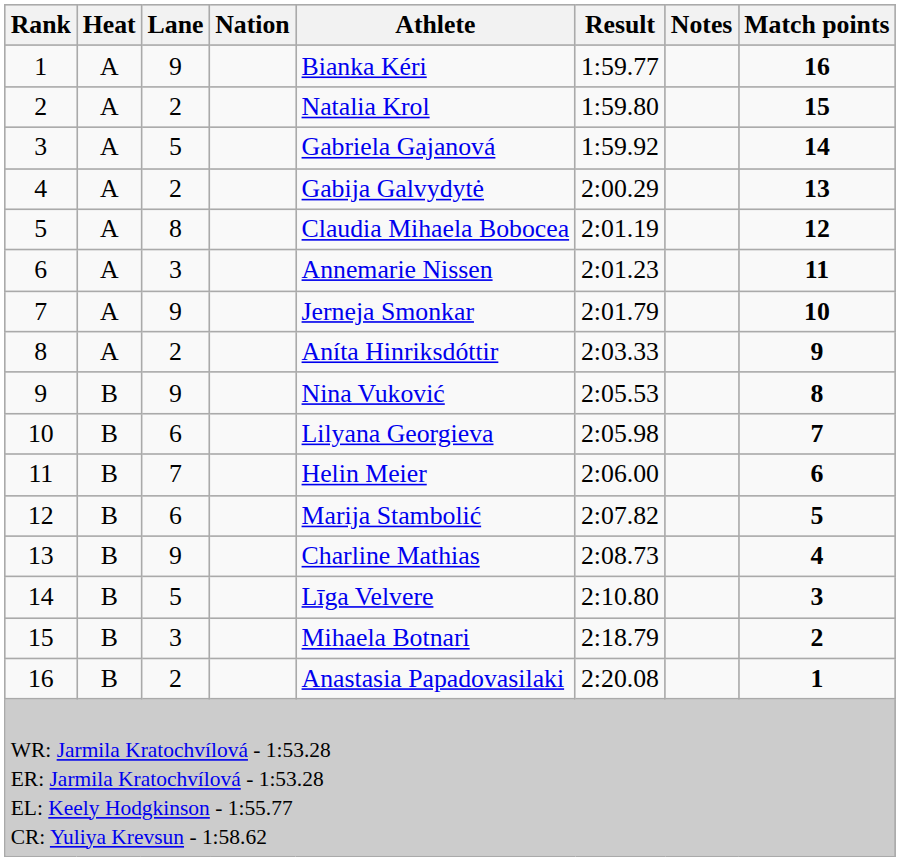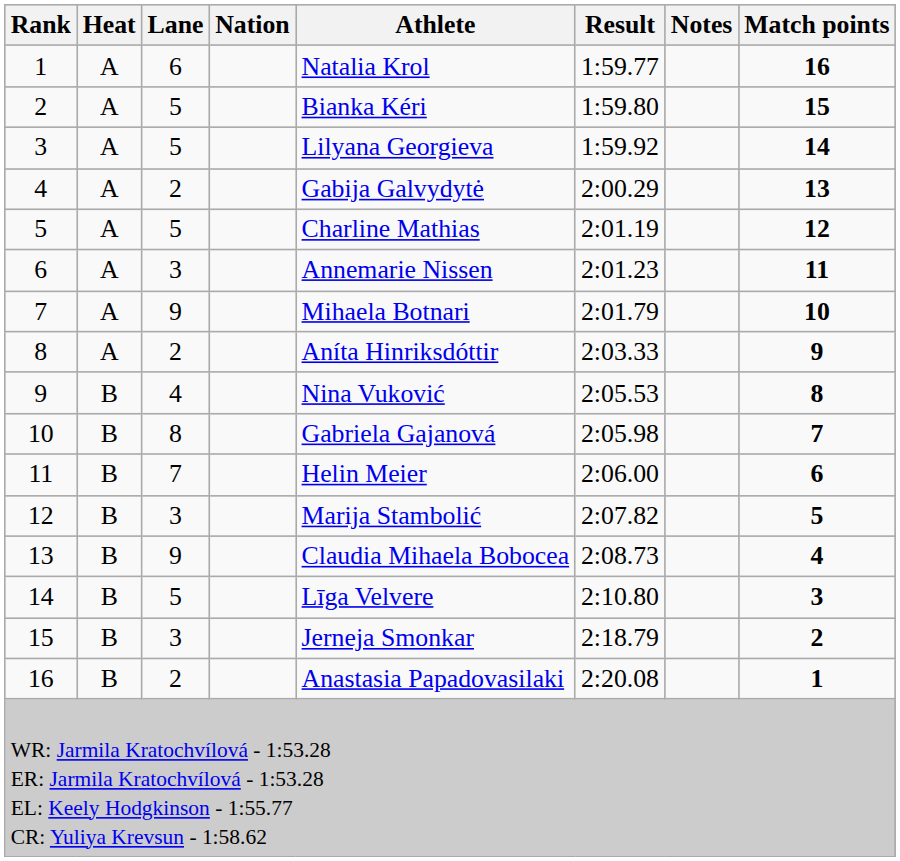 <table class="wikitable sortable" style="text-align:left;">
 <tr>
 <th>Rank</th>
 <th>Heat</th>
 <th>Lane</th>
 <th>Nation</th>
 <th>Athlete</th>
 <th>Result</th>
 <th>Notes</th>
 <th>Match points</th>
 </tr>
 <tr>
 <td align=center>1</td>
 <td align=center>A</td>
-<td align=center>9</td>
+<td align=center>6</td>
 <td></td>
-<td><a href='#'>Bianka Kéri</a></td>
+<td><a href='#'>Natalia Krol</a></td>
 <td align=center>1:59.77</td>
 <td align=center></td>
 <td align=center><strong>16</strong></td>
 </tr>
 <tr>
 <td align=center>2</td>
 <td align=center>A</td>
-<td align=center>2</td>
+<td align=center>5</td>
 <td></td>
-<td><a href='#'>Natalia Krol</a></td>
+<td><a href='#'>Bianka Kéri</a></td>
 <td align=center>1:59.80</td>
 <td align=center></td>
 <td align=center><strong>15</strong></td>
 </tr>
 <tr>
 <td align=center>3</td>
 <td align=center>A</td>
 <td align=center>5</td>
 <td></td>
-<td><a href='#'>Gabriela Gajanová</a></td>
+<td><a href='#'>Lilyana Georgieva</a></td>
 <td align=center>1:59.92</td>
 <td></td>
 <td align=center><strong>14</strong></td>
 </tr>
 <tr>
 <td align=center>4</td>
 <td align=center>A</td>
 <td align=center>2</td>
 <td></td>
 <td><a href='#'>Gabija Galvydytė</a></td>
 <td align=center>2:00.29</td>
 <td align=center></td>
 <td align=center><strong>13</strong></td>
 </tr>
 <tr>
 <td align=center>5</td>
 <td align=center>A</td>
-<td align=center>8</td>
+<td align=center>5</td>
 <td></td>
-<td><a href='#'>Claudia Mihaela Bobocea</a></td>
+<td><a href='#'>Charline Mathias</a></td>
 <td align=center>2:01.19</td>
 <td align=center></td>
 <td align=center><strong>12</strong></td>
 </tr>
 <tr>
 <td align=center>6</td>
 <td align=center>A</td>
 <td align=center>3</td>
 <td></td>
 <td><a href='#'>Annemarie Nissen</a></td>
 <td align=center>2:01.23</td>
 <td align=center></td>
 <td align=center><strong>11</strong></td>
 </tr>
 <tr>
 <td align=center>7</td>
 <td align=center>A</td>
 <td align=center>9</td>
 <td></td>
-<td><a href='#'>Jerneja Smonkar</a></td>
+<td><a href='#'>Mihaela Botnari</a></td>
 <td align=center>2:01.79</td>
 <td align=center></td>
 <td align=center><strong>10</strong></td>
 </tr>
 <tr>
 <td align=center>8</td>
 <td align=center>A</td>
 <td align=center>2</td>
 <td></td>
 <td><a href='#'>Aníta Hinriksdóttir</a></td>
 <td align=center>2:03.33</td>
 <td align=center></td>
 <td align=center><strong>9</strong></td>
 </tr>
 <tr>
 <td align=center>9</td>
 <td align=center>B</td>
-<td align=center>9</td>
+<td align=center>4</td>
 <td></td>
 <td><a href='#'>Nina Vuković</a></td>
 <td align=center>2:05.53</td>
 <td></td>
 <td align=center><strong>8</strong></td>
 </tr>
 <tr>
 <td align=center>10</td>
 <td align=center>B</td>
-<td align=center>6</td>
+<td align=center>8</td>
 <td></td>
-<td><a href='#'>Lilyana Georgieva</a></td>
+<td><a href='#'>Gabriela Gajanová</a></td>
 <td align=center>2:05.98</td>
 <td align=center></td>
 <td align=center><strong>7</strong></td>
 </tr>
 <tr>
 <td align=center>11</td>
 <td align=center>B</td>
 <td align=center>7</td>
 <td></td>
 <td><a href='#'>Helin Meier</a></td>
 <td align=center>2:06.00</td>
 <td align=center></td>
 <td align=center><strong>6</strong></td>
 </tr>
 <tr>
 <td align=center>12</td>
 <td align=center>B</td>
-<td align=center>6</td>
+<td align=center>3</td>
 <td></td>
 <td><a href='#'>Marija Stambolić</a></td>
 <td align=center>2:07.82</td>
 <td align=center></td>
 <td align=center><strong>5</strong></td>
 </tr>
 <tr>
 <td align=center>13</td>
 <td align=center>B</td>
 <td align=center>9</td>
 <td></td>
-<td><a href='#'>Charline Mathias</a></td>
+<td><a href='#'>Claudia Mihaela Bobocea</a></td>
 <td align=center>2:08.73</td>
 <td align=center></td>
 <td align=center><strong>4</strong></td>
 </tr>
 <tr>
 <td align=center>14</td>
 <td align=center>B</td>
 <td align=center>5</td>
 <td></td>
 <td><a href='#'>Līga Velvere</a></td>
 <td align=center>2:10.80</td>
 <td></td>
 <td align=center><strong>3</strong></td>
 </tr>
 <tr>
 <td align=center>15</td>
 <td align=center>B</td>
 <td align=center>3</td>
 <td></td>
-<td><a href='#'>Mihaela Botnari</a></td>
+<td><a href='#'>Jerneja Smonkar</a></td>
 <td align=center>2:18.79</td>
 <td align=center></td>
 <td align=center><strong>2</strong></td>
 </tr>
 <tr>
 <td align=center>16</td>
 <td align=center>B</td>
 <td align=center>2</td>
 <td></td>
 <td><a href='#'>Anastasia Papadovasilaki</a></td>
 <td align=center>2:20.08</td>
 <td></td>
 <td align=center><strong>1</strong></td>
 </tr>
 <tr>
 <td colspan="8" bgcolor="#cccccc"><br> <small>WR:   <a href='#'>Jarmila Kratochvílová</a> - 1:53.28<br>ER:  <a href='#'>Jarmila Kratochvílová</a> - 1:53.28<br></small> <small>EL:   <a href='#'>Keely Hodgkinson</a> - 1:55.77<br>CR:  <a href='#'>Yuliya Krevsun</a> - 1:58.62</small></td>
 </tr>
 </table>
